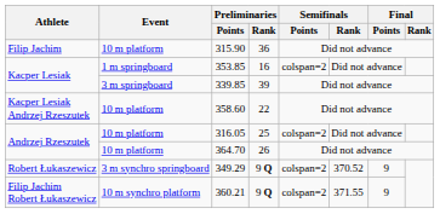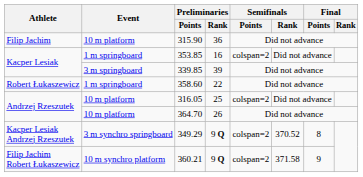 <table class="wikitable" style="text-align:center; font-size:90%;">
 <tr>
 <th rowspan=2>Athlete</th>
 <th rowspan=2>Event</th>
 <th colspan=2>Preliminaries</th>
 <th colspan=2>Semifinals</th>
 <th colspan=2>Final</th>
 </tr>
 <tr style="font-size:95%">
 <th>Points</th>
 <th>Rank</th>
 <th>Points</th>
 <th>Rank</th>
 <th>Points</th>
 <th>Rank</th>
 </tr>
 <tr>
 <td align=left><a href='#'>Filip Jachim</a></td>
 <td align=left><a href='#'>10 m platform</a></td>
 <td>315.90</td>
 <td>36</td>
 <td colspan=4>Did not advance</td>
 </tr>
 <tr>
 <td align=left rowspan=2><a href='#'>Kacper Lesiak</a></td>
 <td align=left><a href='#'>1 m springboard</a></td>
 <td>353.85</td>
 <td>16</td>
 <td>colspan=2 </td>
 <td colspan=2>Did not advance</td>
 </tr>
 <tr>
 <td align=left><a href='#'>3 m springboard</a></td>
 <td>339.85</td>
 <td>39</td>
 <td colspan=4>Did not advance</td>
 </tr>
 <tr>
-<td align=left><a href='#'>Kacper Lesiak</a><br> <a href='#'>Andrzej Rzeszutek</a></td>
-<td align=left><a href='#'>10 m platform</a></td>
+<td align=left><a href='#'>Robert Łukaszewicz</a></td>
+<td align=left><a href='#'>1 m springboard</a></td>
 <td>358.60</td>
 <td>22</td>
 <td colspan=4>Did not advance</td>
 </tr>
 <tr>
 <td align=left rowspan=2><a href='#'>Andrzej Rzeszutek</a></td>
 <td align=left><a href='#'>10 m platform</a></td>
 <td>316.05</td>
 <td>25</td>
 <td>colspan=2 </td>
 <td colspan=2>Did not advance</td>
 </tr>
 <tr>
 <td align=left><a href='#'>10 m platform</a></td>
 <td>364.70</td>
 <td>26</td>
 <td colspan=4>Did not advance</td>
 </tr>
 <tr>
-<td align=left><a href='#'>Robert Łukaszewicz</a></td>
+<td align=left><a href='#'>Kacper Lesiak</a><br> <a href='#'>Andrzej Rzeszutek</a></td>
 <td align=left><a href='#'>3 m synchro springboard</a></td>
 <td>349.29</td>
 <td>9 <strong>Q</strong></td>
 <td>colspan=2 </td>
 <td>370.52</td>
-<td>9</td>
+<td>8</td>
 </tr>
 <tr>
 <td align=left><a href='#'>Filip Jachim</a><br> <a href='#'>Robert Łukaszewicz</a></td>
 <td align=left><a href='#'>10 m synchro platform</a></td>
 <td>360.21</td>
 <td>9 <strong>Q</strong></td>
 <td>colspan=2 </td>
-<td>371.55</td>
+<td>371.58</td>
 <td>9</td>
 </tr>
 </table>
